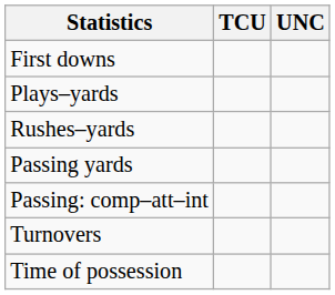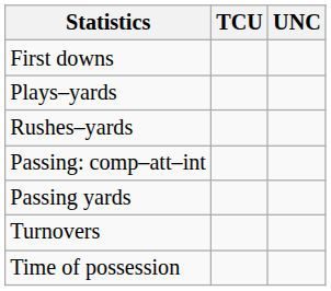 <table class="wikitable" style="float:left">
 <tr>
 <th>Statistics</th>
 <th>TCU</th>
 <th>UNC</th>
 </tr>
 <tr>
 <td>First downs</td>
 <td></td>
 <td></td>
 </tr>
 <tr>
 <td>Plays–yards</td>
 <td></td>
 <td></td>
 </tr>
 <tr>
 <td>Rushes–yards</td>
 <td></td>
 <td></td>
 </tr>
 <tr>
-<td>Passing yards</td>
+<td>Passing: comp–att–int</td>
 <td></td>
 <td></td>
 </tr>
 <tr>
-<td>Passing: comp–att–int</td>
+<td>Passing yards</td>
 <td></td>
 <td></td>
 </tr>
 <tr>
 <td>Turnovers</td>
 <td></td>
 <td></td>
 </tr>
 <tr>
 <td>Time of possession</td>
 <td></td>
 <td></td>
 </tr>
 </table>
